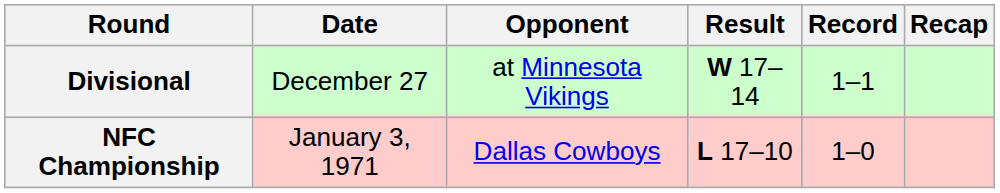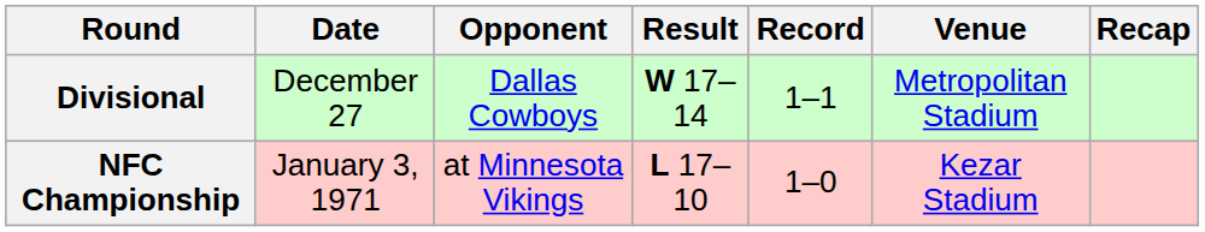 <table class="wikitable" style="text-align:center">
 <tr>
 <th>Round</th>
 <th>Date</th>
 <th>Opponent</th>
 <th>Result</th>
 <th>Record</th>
+<th>Venue</th>
 <th>Recap</th>
 </tr>
 <tr style="background: #cfc;">
 <th>Divisional</th>
 <td>December 27</td>
-<td>at <a href='#'>Minnesota Vikings</a></td>
+<td><a href='#'>Dallas Cowboys</a></td>
 <td><strong>W</strong> 17–14</td>
 <td>1–1</td>
+<td><a href='#'>Metropolitan Stadium</a></td>
 <td></td>
 </tr>
 <tr style="background: #fcc;">
 <th>NFC Championship</th>
 <td>January 3, 1971</td>
-<td><a href='#'>Dallas Cowboys</a></td>
+<td>at <a href='#'>Minnesota Vikings</a></td>
 <td><strong>L</strong> 17–10</td>
 <td>1–0</td>
+<td><a href='#'>Kezar Stadium</a></td>
 <td></td>
 </tr>
 </table>
